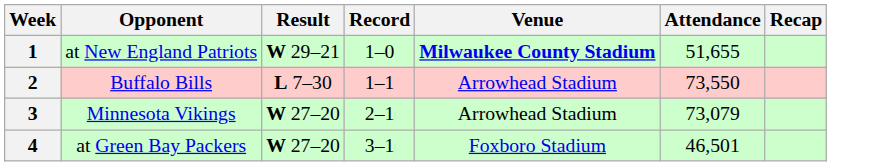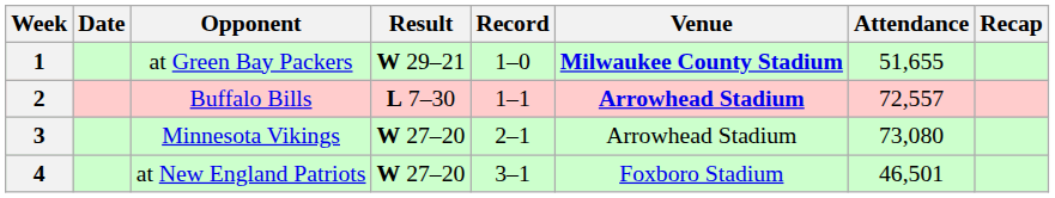 <table class="wikitable" style="text-align:center">
 <tr>
 <th>Week</th>
+<th>Date</th>
 <th>Opponent</th>
 <th>Result</th>
 <th>Record</th>
 <th>Venue</th>
 <th>Attendance</th>
 <th>Recap</th>
 </tr>
 <tr style="background:#cfc">
 <th>1</th>
-<td>at <a href='#'>New England Patriots</a></td>
+<td></td>
+<td>at <a href='#'>Green Bay Packers</a></td>
 <td><strong>W</strong> 29–21</td>
 <td>1–0</td>
 <td><strong><a href='#'>Milwaukee County Stadium</a></strong></td>
 <td>51,655</td>
 <td></td>
 </tr>
 <tr style="background:#fcc">
 <th>2</th>
+<td></td>
 <td><a href='#'>Buffalo Bills</a></td>
 <td><strong>L</strong> 7–30</td>
 <td>1–1</td>
-<td><a href='#'>Arrowhead Stadium</a></td>
-<td>73,550</td>
+<td><strong><a href='#'>Arrowhead Stadium</a></strong></td>
+<td>72,557</td>
 <td></td>
 </tr>
 <tr style="background:#cfc">
 <th>3</th>
+<td></td>
 <td><a href='#'>Minnesota Vikings</a></td>
 <td><strong>W</strong>  27–20</td>
 <td>2–1</td>
 <td>Arrowhead Stadium</td>
-<td>73,079</td>
+<td>73,080</td>
 <td></td>
 </tr>
 <tr style="background:#cfc">
 <th>4</th>
-<td>at <a href='#'>Green Bay Packers</a></td>
+<td></td>
+<td>at <a href='#'>New England Patriots</a></td>
 <td><strong>W</strong> 27–20</td>
 <td>3–1</td>
 <td><a href='#'>Foxboro Stadium</a></td>
 <td>46,501</td>
 <td></td>
 </tr>
 </table>
